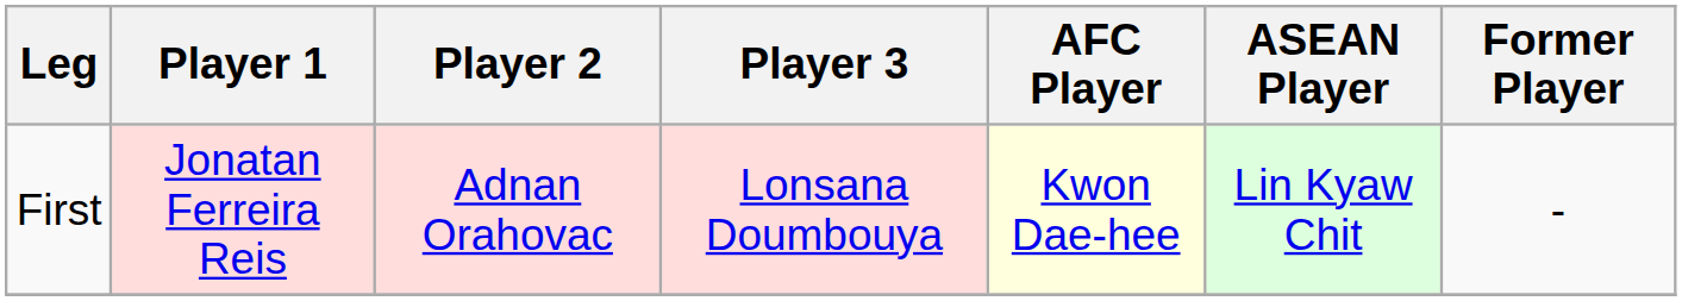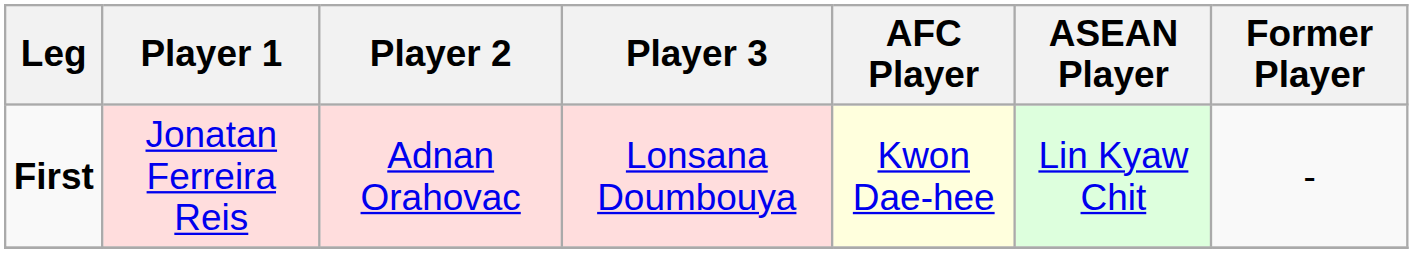 <table class="wikitable" style="text-align:left">
 <tr>
 <th>Leg</th>
 <th width=200px>Player 1</th>
 <th width=200px>Player 2</th>
 <th width=200px>Player 3</th>
 <th width=160px>AFC Player</th>
 <th width=160px>ASEAN Player</th>
 <th width=160px>Former Player</th>
 </tr>
 <tr>
-<td align="center">First</td>
+<td align="center"><strong>First</strong></td>
 <td bgcolor="#ffdddd" rowspan="2" style="text-align:center;"> <a href='#'>Jonatan Ferreira Reis</a></td>
 <td bgcolor="#ffdddd" rowspan="2" style="text-align:center;"> <a href='#'>Adnan Orahovac</a></td>
 <td bgcolor="#ffdddd" rowspan="2" style="text-align:center;"> <a href='#'>Lonsana Doumbouya</a></td>
 <td bgcolor="#ffffdd" rowspan="2" style="text-align:center;"> <a href='#'>Kwon Dae-hee</a></td>
 <td bgcolor="#ddffdd" rowspan="2" style="text-align:center;"> <a href='#'>Lin Kyaw Chit</a></td>
 <td bgcolor="" rowspan="2" style="text-align:center;">-</td>
 </tr>
 <tr>
 </tr>
 <tr>
 </tr>
 </table>
